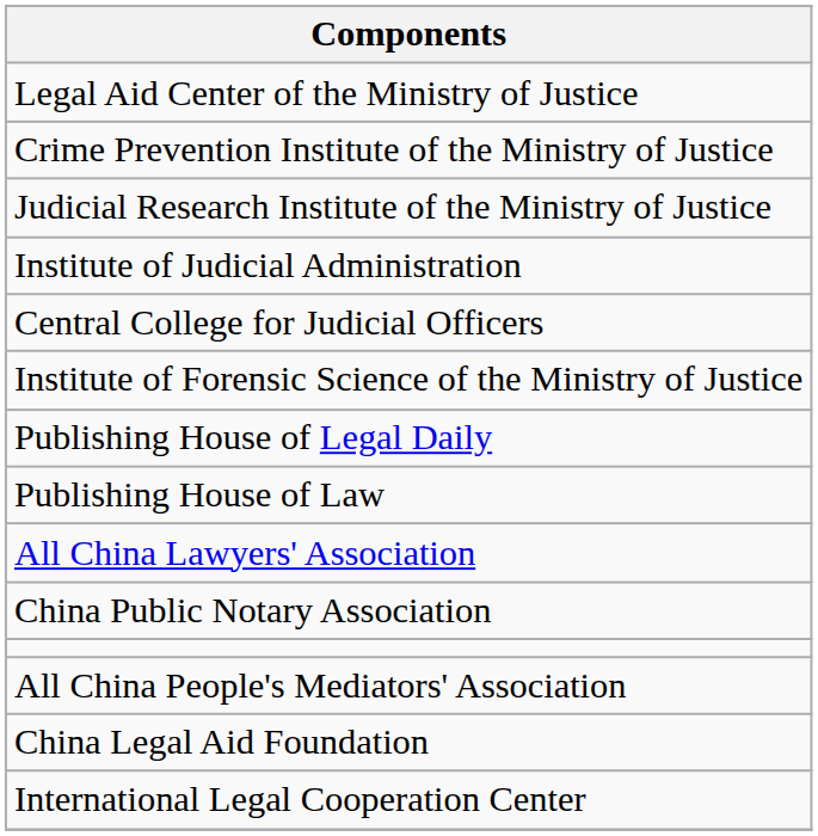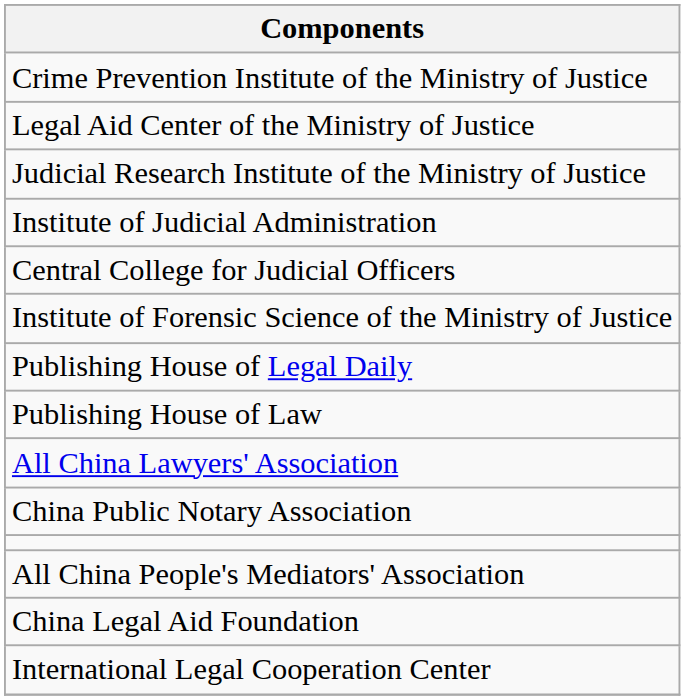 <table class="wikitable">
 <tr>
 <th>Components</th>
 </tr>
 <tr>
-<td>Legal Aid Center of the Ministry of Justice</td>
+<td>Crime Prevention Institute of the Ministry of Justice</td>
 </tr>
 <tr>
-<td>Crime Prevention Institute of the Ministry of Justice</td>
+<td>Legal Aid Center of the Ministry of Justice</td>
 </tr>
 <tr>
 <td>Judicial Research Institute of the Ministry of Justice</td>
 </tr>
 <tr>
 <td>Institute of Judicial Administration</td>
 </tr>
 <tr>
 <td>Central College for Judicial Officers</td>
 </tr>
 <tr>
 <td>Institute of Forensic Science of the Ministry of Justice</td>
 </tr>
 <tr>
 <td>Publishing House of <a href='#'>Legal Daily</a></td>
 </tr>
 <tr>
 <td>Publishing House of Law</td>
 </tr>
 <tr>
 <td><a href='#'>All China Lawyers' Association</a></td>
 </tr>
 <tr>
 <td>China Public Notary Association</td>
 </tr>
 <tr>
 <td></td>
 </tr>
 <tr>
 <td>All China People's Mediators' Association</td>
 </tr>
 <tr>
 <td>China Legal Aid Foundation</td>
 </tr>
 <tr>
 <td>International Legal Cooperation Center</td>
 </tr>
 <tr>
 </tr>
 </table>
